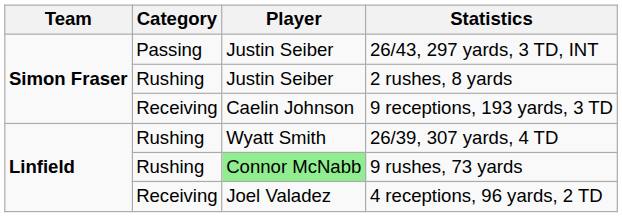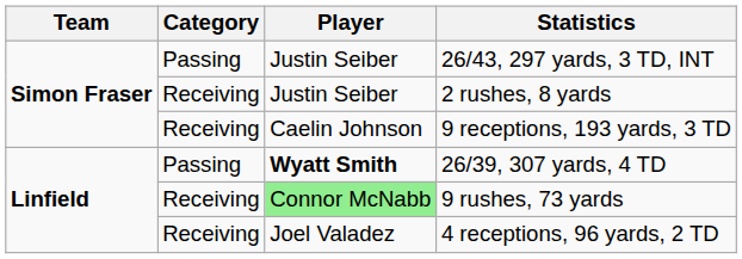 <table class="wikitable" style="float: right;">
 <tr>
 <th>Team</th>
 <th>Category</th>
 <th>Player</th>
 <th>Statistics</th>
 </tr>
 <tr>
 <td rowspan=3><strong>Simon Fraser</strong></td>
 <td>Passing</td>
 <td>Justin Seiber</td>
 <td>26/43, 297 yards, 3 TD, INT</td>
 </tr>
 <tr>
-<td>Rushing</td>
+<td>Receiving</td>
 <td>Justin Seiber</td>
 <td>2 rushes, 8 yards</td>
 </tr>
 <tr>
 <td>Receiving</td>
 <td>Caelin Johnson</td>
 <td>9 receptions, 193 yards, 3 TD</td>
 </tr>
 <tr>
 <td rowspan=3><strong>Linfield</strong></td>
-<td>Rushing</td>
-<td>Wyatt Smith</td>
+<td>Passing</td>
+<td><strong>Wyatt Smith</strong></td>
 <td>26/39, 307 yards, 4 TD</td>
 </tr>
 <tr>
-<td>Rushing</td>
+<td>Receiving</td>
 <td style="background: lightgreen;">Connor McNabb</td>
 <td>9 rushes, 73 yards</td>
 </tr>
 <tr>
 <td>Receiving</td>
 <td>Joel Valadez</td>
 <td>4 receptions, 96 yards, 2 TD</td>
 </tr>
 </table>
